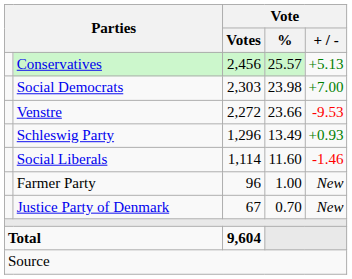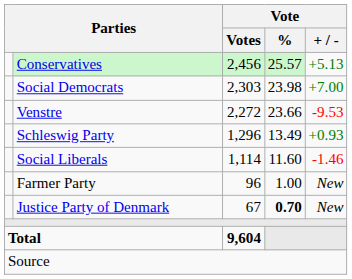 <table class="wikitable" style="text-align:right;">
 <tr>
 <th style="text-align:centre;" rowspan="2" colspan="2" width="225">Parties</th>
 <th colspan="3">Vote</th>
 </tr>
 <tr>
 <th width="15">Votes</th>
 <th width="15">%</th>
 <th width="15">+ / -</th>
 </tr>
 <tr>
 <td width="2" style="color:inherit;background:"></td>
 <td bgcolor=#ccf7cc  align="left"><a href='#'>Conservatives</a></td>
 <td bgcolor=#ccf7cc>2,456</td>
 <td bgcolor=#ccf7cc>25.57</td>
 <td style=color:green;>+5.13</td>
 </tr>
 <tr>
 <td width="2" style="color:inherit;background:"></td>
 <td align="left"><a href='#'>Social Democrats</a></td>
 <td>2,303</td>
 <td>23.98</td>
 <td style=color:green;>+7.00</td>
 </tr>
 <tr>
 <td width="2" style="color:inherit;background:"></td>
 <td align="left"><a href='#'>Venstre</a></td>
 <td>2,272</td>
 <td>23.66</td>
 <td style=color:red;>-9.53</td>
 </tr>
 <tr>
 <td width="2" style="color:inherit;background:"></td>
 <td align="left"><a href='#'>Schleswig Party</a></td>
 <td>1,296</td>
 <td>13.49</td>
 <td style=color:green;>+0.93</td>
 </tr>
 <tr>
 <td width="2" style="color:inherit;background:"></td>
 <td align="left"><a href='#'>Social Liberals</a></td>
 <td>1,114</td>
 <td>11.60</td>
 <td style=color:red;>-1.46</td>
 </tr>
 <tr>
 <td width="2" style="color:inherit;background:"></td>
 <td align="left">Farmer Party</td>
 <td>96</td>
 <td>1.00</td>
 <td><em>New</em></td>
 </tr>
 <tr>
 <td width="2" style="color:inherit;background:"></td>
 <td align="left"><a href='#'>Justice Party of Denmark</a></td>
 <td>67</td>
-<td>0.70</td>
+<td><strong>0.70</strong></td>
 <td><em>New</em></td>
 </tr>
 <tr>
 <td colspan="7" bgcolor="#E9E9E9"></td>
 </tr>
 <tr>
 <td align="left" colspan="2"><strong>Total</strong></td>
 <td><strong>9,604</strong></td>
 <td bgcolor="#E9E9E9" colspan="2"></td>
 </tr>
 <tr>
 <td align="left" colspan="6">Source</td>
 </tr>
 </table>
